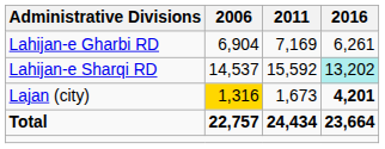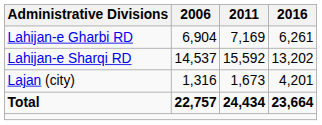 <table class="wikitable">
 <tr>
 <th>Administrative Divisions</th>
 <th>2006</th>
 <th>2011</th>
 <th>2016</th>
 </tr>
 <tr>
 <td><a href='#'>Lahijan-e Gharbi RD</a></td>
 <td style="text-align: right;">6,904</td>
 <td style="text-align: right;">7,169</td>
 <td style="text-align: right;">6,261</td>
 </tr>
 <tr>
 <td><a href='#'>Lahijan-e Sharqi RD</a></td>
 <td style="text-align: right;">14,537</td>
 <td style="text-align: right;">15,592</td>
-<td style="background: paleturquoise; text-align: right;">13,202</td>
+<td style="text-align: right;">13,202</td>
 </tr>
 <tr>
 <td><a href='#'>Lajan</a> (city)</td>
-<td style="background: gold; text-align: right;">1,316</td>
+<td style="text-align: right;">1,316</td>
 <td style="text-align: right;">1,673</td>
-<td style="text-align: right;"><strong>4,201</strong></td>
+<td style="text-align: right;">4,201</td>
 </tr>
 <tr>
 <td><strong>Total</strong></td>
 <td style="text-align: right;"><strong>22,757</strong></td>
 <td style="text-align: right;"><strong>24,434</strong></td>
 <td style="text-align: right;"><strong>23,664</strong></td>
 </tr>
 <tr>
 <td colspan=4></td>
 </tr>
 </table>
